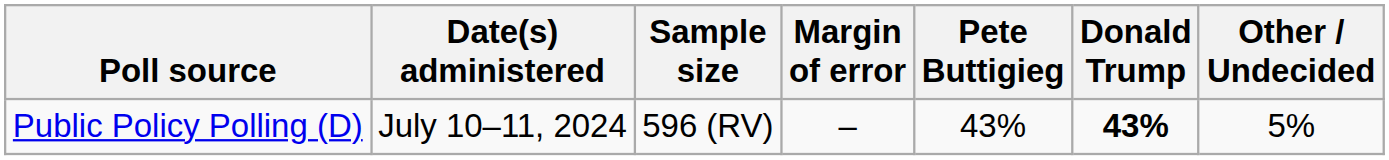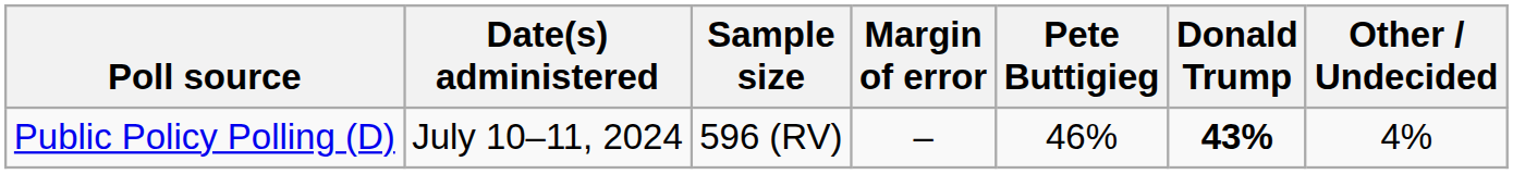 <table class="wikitable sortable mw-datatable" style="font-size:90%;text-align:center;line-height:17px">
 <tr valign=bottom>
 <th>Poll source</th>
 <th>Date(s)<br>administered</th>
 <th>Sample<br>size</th>
 <th>Margin<br>of error</th>
 <th class="unsortable">Pete<br>Buttigieg<br></th>
 <th class="unsortable">Donald<br>Trump<br></th>
 <th class="unsortable">Other /<br>Undecided</th>
 </tr>
 <tr>
 <td style="text-align:left;"><a href='#'>Public Policy Polling (D)</a></td>
 <td data-sort-value="2024-07-22">July 10–11, 2024</td>
 <td>596 (RV)</td>
 <td>–</td>
-<td>43%</td>
+<td>46%</td>
 <td style="background-color:"><strong>43%</strong></td>
-<td>5%</td>
+<td>4%</td>
 </tr>
 </table>
